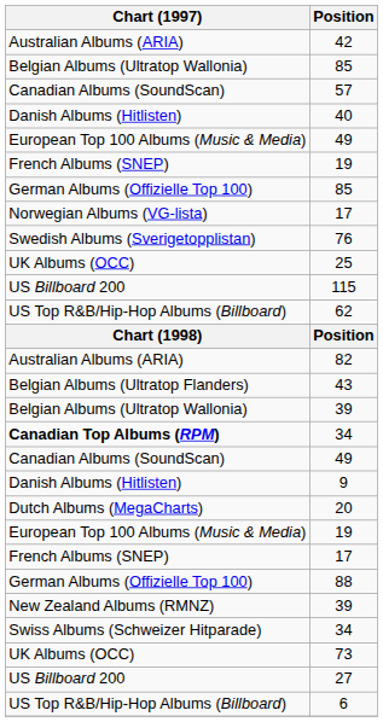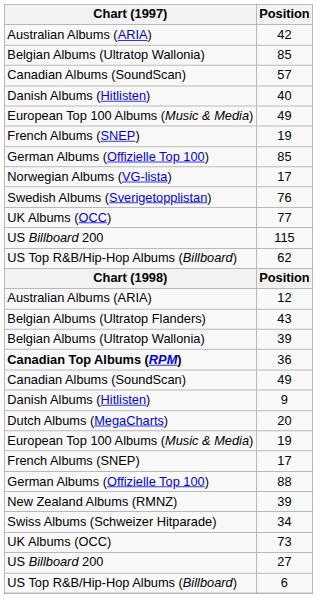 <table class="wikitable sortable plainrowheaders">
 <tr>
 <th align="left">Chart (1997)</th>
 <th align="center">Position</th>
 </tr>
 <tr>
 <td>Australian Albums (<a href='#'>ARIA</a>)</td>
 <td align="center">42</td>
 </tr>
 <tr>
 <td>Belgian Albums (Ultratop Wallonia)</td>
 <td align="center">85</td>
 </tr>
 <tr>
 <td>Canadian Albums (SoundScan)</td>
 <td align="center">57</td>
 </tr>
 <tr>
 <td>Danish Albums (<a href='#'>Hitlisten</a>)</td>
 <td align="center">40</td>
 </tr>
 <tr>
 <td>European Top 100 Albums (<em>Music & Media</em>)</td>
 <td align="center">49</td>
 </tr>
 <tr>
 <td>French Albums (<a href='#'>SNEP</a>)</td>
 <td align="center">19</td>
 </tr>
 <tr>
 <td>German Albums (<a href='#'>Offizielle Top 100</a>)</td>
 <td align="center">85</td>
 </tr>
 <tr>
 <td>Norwegian Albums (<a href='#'>VG-lista</a>)</td>
 <td align="center">17</td>
 </tr>
 <tr>
 <td>Swedish Albums (<a href='#'>Sverigetopplistan</a>)</td>
 <td align="center">76</td>
 </tr>
 <tr>
 <td>UK Albums (<a href='#'>OCC</a>)</td>
-<td align="center">25</td>
+<td align="center">77</td>
 </tr>
 <tr>
 <td>US <em>Billboard</em> 200</td>
 <td align="center">115</td>
 </tr>
 <tr>
 <td>US Top R&B/Hip-Hop Albums (<em>Billboard</em>)</td>
 <td align="center">62</td>
 </tr>
 <tr>
 <th align="left">Chart (1998)</th>
 <th align="center">Position</th>
 </tr>
 <tr>
 <td>Australian Albums (ARIA)</td>
-<td align="center">82</td>
+<td align="center">12</td>
 </tr>
 <tr>
 <td>Belgian Albums (Ultratop Flanders)</td>
 <td align="center">43</td>
 </tr>
 <tr>
 <td>Belgian Albums (Ultratop Wallonia)</td>
 <td align="center">39</td>
 </tr>
 <tr>
 <td><strong>Canadian Top Albums (<a href='#'><em>RPM</em></a>)</strong></td>
-<td align="center">34</td>
+<td align="center">36</td>
 </tr>
 <tr>
 <td>Canadian Albums (SoundScan)</td>
 <td align="center">49</td>
 </tr>
 <tr>
 <td>Danish Albums (<a href='#'>Hitlisten</a>)</td>
 <td align="center">9</td>
 </tr>
 <tr>
 <td>Dutch Albums (<a href='#'>MegaCharts</a>)</td>
 <td align="center">20</td>
 </tr>
 <tr>
 <td>European Top 100 Albums (<em>Music & Media</em>)</td>
 <td align="center">19</td>
 </tr>
 <tr>
 <td>French Albums (SNEP)</td>
 <td align="center">17</td>
 </tr>
 <tr>
 <td>German Albums (<a href='#'>Offizielle Top 100</a>)</td>
 <td align="center">88</td>
 </tr>
 <tr>
 <td>New Zealand Albums (RMNZ)</td>
 <td align="center">39</td>
 </tr>
 <tr>
 <td>Swiss Albums (Schweizer Hitparade)</td>
 <td align="center">34</td>
 </tr>
 <tr>
 <td>UK Albums (OCC)</td>
 <td align="center">73</td>
 </tr>
 <tr>
 <td>US <em>Billboard</em> 200</td>
 <td align="center">27</td>
 </tr>
 <tr>
 <td>US Top R&B/Hip-Hop Albums (<em>Billboard</em>)</td>
 <td align="center">6</td>
 </tr>
 <tr>
 </tr>
 </table>
